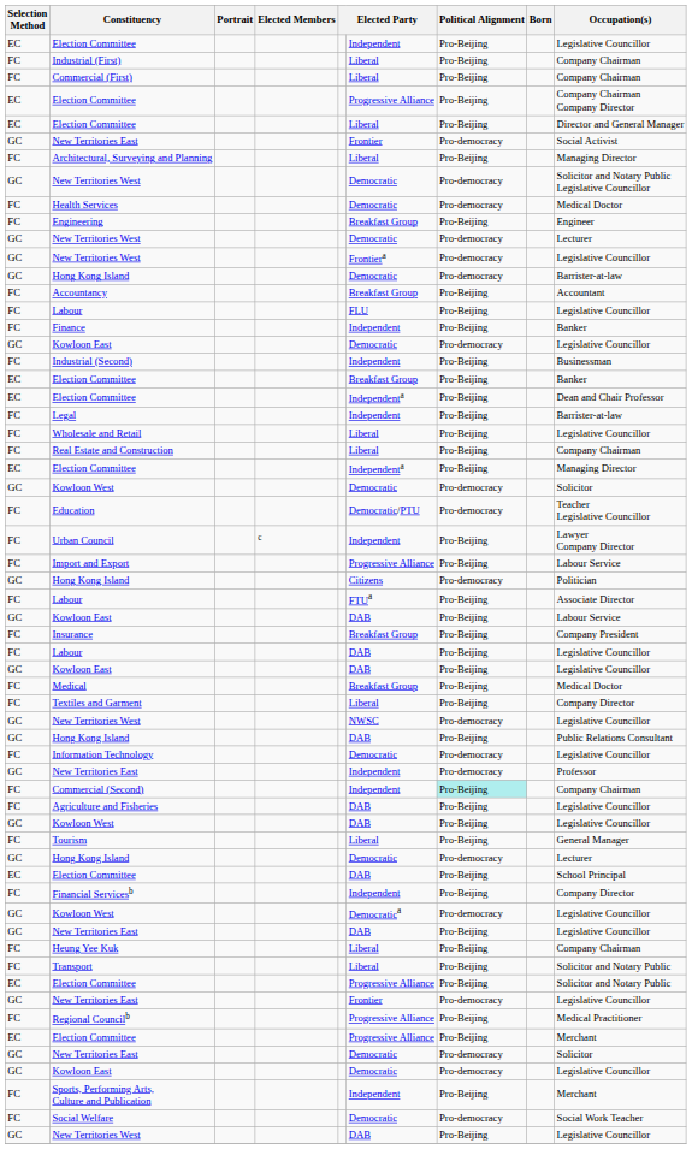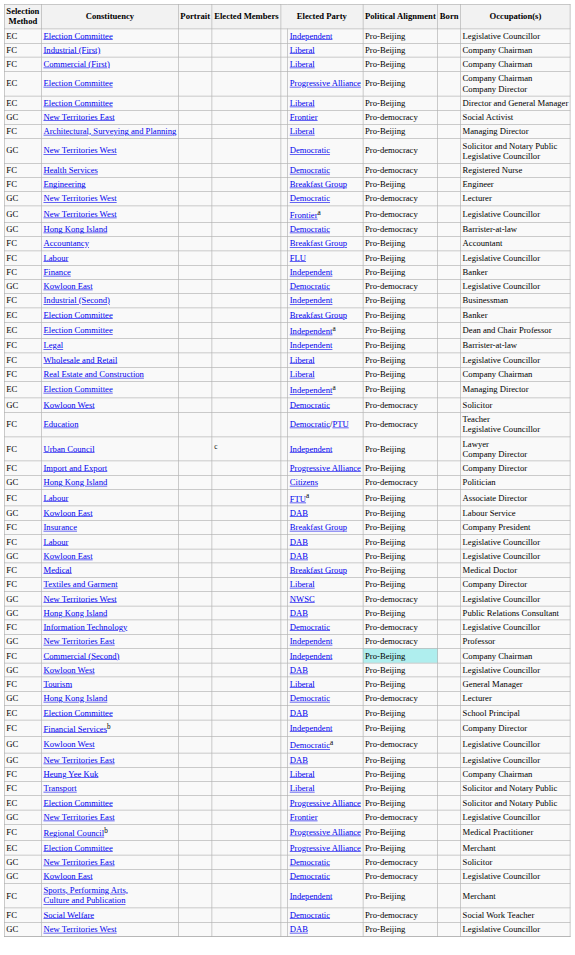 <table class="wikitable sortable" style="font-size:90%;">
 <tr>
 <th>Selection<br>Method</th>
 <th>Constituency</th>
 <th>Portrait</th>
 <th>Elected Members</th>
 <th colspan=2>Elected Party</th>
 <th>Political Alignment</th>
 <th>Born</th>
 <th>Occupation(s)</th>
 </tr>
 <tr>
 <td>EC</td>
 <td><a href='#'>Election Committee</a></td>
 <td></td>
 <td></td>
 <td style="color:inherit;background:"></td>
 <td><a href='#'>Independent</a></td>
 <td>Pro-Beijing</td>
 <td></td>
 <td>Legislative Councillor</td>
 </tr>
 <tr>
 <td>FC</td>
 <td><a href='#'>Industrial (First)</a></td>
 <td></td>
 <td></td>
 <td style="color:inherit;background:"></td>
 <td><a href='#'>Liberal</a></td>
 <td>Pro-Beijing</td>
 <td></td>
 <td>Company Chairman</td>
 </tr>
 <tr>
 <td>FC</td>
 <td><a href='#'>Commercial (First)</a></td>
 <td></td>
 <td></td>
 <td style="color:inherit;background:"></td>
 <td><a href='#'>Liberal</a></td>
 <td>Pro-Beijing</td>
 <td></td>
 <td>Company Chairman</td>
 </tr>
 <tr>
 <td>EC</td>
 <td><a href='#'>Election Committee</a></td>
 <td></td>
 <td></td>
 <td style="color:inherit;background:"></td>
 <td><a href='#'>Progressive Alliance</a></td>
 <td>Pro-Beijing</td>
 <td></td>
 <td>Company Chairman<br>Company Director</td>
 </tr>
 <tr>
 <td>EC</td>
 <td><a href='#'>Election Committee</a></td>
 <td></td>
 <td></td>
 <td style="color:inherit;background:"></td>
 <td><a href='#'>Liberal</a></td>
 <td>Pro-Beijing</td>
 <td></td>
 <td>Director and General Manager</td>
 </tr>
 <tr>
 <td>GC</td>
 <td><a href='#'>New Territories East</a></td>
 <td></td>
 <td></td>
 <td style="color:inherit;background:"></td>
 <td><a href='#'>Frontier</a></td>
 <td>Pro-democracy</td>
 <td></td>
 <td>Social Activist</td>
 </tr>
 <tr>
 <td>FC</td>
 <td><a href='#'>Architectural, Surveying and Planning</a></td>
 <td></td>
 <td></td>
 <td style="color:inherit;background:"></td>
 <td><a href='#'>Liberal</a></td>
 <td>Pro-Beijing</td>
 <td></td>
 <td>Managing Director</td>
 </tr>
 <tr>
 <td>GC</td>
 <td><a href='#'>New Territories West</a></td>
 <td></td>
 <td></td>
 <td style="color:inherit;background:"></td>
 <td><a href='#'>Democratic</a></td>
 <td>Pro-democracy</td>
 <td></td>
 <td>Solicitor and Notary Public<br>Legislative Councillor</td>
 </tr>
 <tr>
 <td>FC</td>
 <td><a href='#'>Health Services</a></td>
 <td></td>
 <td></td>
 <td style="color:inherit;background:"></td>
 <td><a href='#'>Democratic</a></td>
 <td>Pro-democracy</td>
 <td></td>
-<td>Medical Doctor</td>
+<td>Registered Nurse</td>
 </tr>
 <tr>
 <td>FC</td>
 <td><a href='#'>Engineering</a></td>
 <td></td>
 <td></td>
 <td style="color:inherit;background:"></td>
 <td><a href='#'>Breakfast Group</a></td>
 <td>Pro-Beijing</td>
 <td></td>
 <td>Engineer</td>
 </tr>
 <tr>
 <td>GC</td>
 <td><a href='#'>New Territories West</a></td>
 <td></td>
 <td></td>
 <td style="color:inherit;background:"></td>
 <td><a href='#'>Democratic</a></td>
 <td>Pro-democracy</td>
 <td></td>
 <td>Lecturer</td>
 </tr>
 <tr>
 <td>GC</td>
 <td><a href='#'>New Territories West</a></td>
 <td></td>
 <td></td>
 <td style="color:inherit;background:"></td>
 <td><a href='#'>Frontier</a><sup>a</sup></td>
 <td>Pro-democracy</td>
 <td></td>
 <td>Legislative Councillor</td>
 </tr>
 <tr>
 <td>GC</td>
 <td><a href='#'>Hong Kong Island</a></td>
 <td></td>
 <td></td>
 <td style="color:inherit;background:"></td>
 <td><a href='#'>Democratic</a></td>
 <td>Pro-democracy</td>
 <td></td>
 <td>Barrister-at-law</td>
 </tr>
 <tr>
 <td>FC</td>
 <td><a href='#'>Accountancy</a></td>
 <td></td>
 <td></td>
 <td style="color:inherit;background:"></td>
 <td><a href='#'>Breakfast Group</a></td>
 <td>Pro-Beijing</td>
 <td></td>
 <td>Accountant</td>
 </tr>
 <tr>
 <td>FC</td>
 <td><a href='#'>Labour</a></td>
 <td></td>
 <td></td>
 <td style="color:inherit;background:"></td>
 <td><a href='#'>FLU</a></td>
 <td>Pro-Beijing</td>
 <td></td>
 <td>Legislative Councillor</td>
 </tr>
 <tr>
 <td>FC</td>
 <td><a href='#'>Finance</a></td>
 <td></td>
 <td></td>
 <td style="color:inherit;background:"></td>
 <td><a href='#'>Independent</a></td>
 <td>Pro-Beijing</td>
 <td></td>
 <td>Banker</td>
 </tr>
 <tr>
 <td>GC</td>
 <td><a href='#'>Kowloon East</a></td>
 <td></td>
 <td></td>
 <td style="color:inherit;background:"></td>
 <td><a href='#'>Democratic</a></td>
 <td>Pro-democracy</td>
 <td></td>
 <td>Legislative Councillor</td>
 </tr>
 <tr>
 <td>FC</td>
 <td><a href='#'>Industrial (Second)</a></td>
 <td></td>
 <td></td>
 <td style="color:inherit;background:"></td>
 <td><a href='#'>Independent</a></td>
 <td>Pro-Beijing</td>
 <td></td>
 <td>Businessman</td>
 </tr>
 <tr>
 <td>EC</td>
 <td><a href='#'>Election Committee</a></td>
 <td></td>
 <td></td>
 <td style="color:inherit;background:"></td>
 <td><a href='#'>Breakfast Group</a></td>
 <td>Pro-Beijing</td>
 <td></td>
 <td>Banker</td>
 </tr>
 <tr>
 <td>EC</td>
 <td><a href='#'>Election Committee</a></td>
 <td></td>
 <td></td>
 <td style="color:inherit;background:"></td>
 <td><a href='#'>Independent</a><sup>a</sup></td>
 <td>Pro-Beijing</td>
 <td></td>
 <td>Dean and Chair Professor</td>
 </tr>
 <tr>
 <td>FC</td>
 <td><a href='#'>Legal</a></td>
 <td></td>
 <td></td>
 <td style="color:inherit;background:"></td>
 <td><a href='#'>Independent</a></td>
 <td>Pro-Beijing</td>
 <td></td>
 <td>Barrister-at-law</td>
 </tr>
 <tr>
 <td>FC</td>
 <td><a href='#'>Wholesale and Retail</a></td>
 <td></td>
 <td></td>
 <td style="color:inherit;background:"></td>
 <td><a href='#'>Liberal</a></td>
 <td>Pro-Beijing</td>
 <td></td>
 <td>Legislative Councillor</td>
 </tr>
 <tr>
 <td>FC</td>
 <td><a href='#'>Real Estate and Construction</a></td>
 <td></td>
 <td></td>
 <td style="color:inherit;background:"></td>
 <td><a href='#'>Liberal</a></td>
 <td>Pro-Beijing</td>
 <td></td>
 <td>Company Chairman</td>
 </tr>
 <tr>
 <td>EC</td>
 <td><a href='#'>Election Committee</a></td>
 <td></td>
 <td></td>
 <td style="color:inherit;background:"></td>
 <td><a href='#'>Independent</a><sup>a</sup></td>
 <td>Pro-Beijing</td>
 <td></td>
 <td>Managing Director</td>
 </tr>
 <tr>
 <td>GC</td>
 <td><a href='#'>Kowloon West</a></td>
 <td></td>
 <td></td>
 <td style="color:inherit;background:"></td>
 <td><a href='#'>Democratic</a></td>
 <td>Pro-democracy</td>
 <td></td>
 <td>Solicitor</td>
 </tr>
 <tr>
 <td>FC</td>
 <td><a href='#'>Education</a></td>
 <td></td>
 <td></td>
 <td style="color:inherit;background:"></td>
 <td><a href='#'>Democratic</a>/<a href='#'>PTU</a></td>
 <td>Pro-democracy</td>
 <td></td>
 <td>Teacher<br>Legislative Councillor</td>
 </tr>
 <tr>
 <td>FC</td>
 <td><a href='#'>Urban Council</a></td>
 <td></td>
 <td><em></em><sup>c</sup></td>
 <td style="color:inherit;background:"></td>
 <td><a href='#'>Independent</a></td>
 <td>Pro-Beijing</td>
 <td></td>
 <td>Lawyer<br>Company Director</td>
 </tr>
 <tr>
 <td>FC</td>
 <td><a href='#'>Import and Export</a></td>
 <td></td>
 <td></td>
 <td style="color:inherit;background:"></td>
 <td><a href='#'>Progressive Alliance</a></td>
 <td>Pro-Beijing</td>
 <td></td>
-<td>Labour Service</td>
+<td>Company Director</td>
 </tr>
 <tr>
 <td>GC</td>
 <td><a href='#'>Hong Kong Island</a></td>
 <td></td>
 <td></td>
 <td style="color:inherit;background:"></td>
 <td><a href='#'>Citizens</a></td>
 <td>Pro-democracy</td>
 <td></td>
 <td>Politician</td>
 </tr>
 <tr>
 <td>FC</td>
 <td><a href='#'>Labour</a></td>
 <td></td>
 <td></td>
 <td style="color:inherit;background:"></td>
 <td><a href='#'>FTU</a><sup>a</sup></td>
 <td>Pro-Beijing</td>
 <td></td>
 <td>Associate Director</td>
 </tr>
 <tr>
 <td>GC</td>
 <td><a href='#'>Kowloon East</a></td>
 <td></td>
 <td></td>
 <td style="color:inherit;background:"></td>
 <td><a href='#'>DAB</a></td>
 <td>Pro-Beijing</td>
 <td></td>
 <td>Labour Service</td>
 </tr>
 <tr>
 <td>FC</td>
 <td><a href='#'>Insurance</a></td>
 <td></td>
 <td></td>
 <td style="color:inherit;background:"></td>
 <td><a href='#'>Breakfast Group</a></td>
 <td>Pro-Beijing</td>
 <td></td>
 <td>Company President</td>
 </tr>
 <tr>
 <td>FC</td>
 <td><a href='#'>Labour</a></td>
 <td></td>
 <td></td>
 <td style="color:inherit;background:"></td>
 <td><a href='#'>DAB</a></td>
 <td>Pro-Beijing</td>
 <td></td>
 <td>Legislative Councillor</td>
 </tr>
 <tr>
 <td>GC</td>
 <td><a href='#'>Kowloon East</a></td>
 <td></td>
 <td></td>
 <td style="color:inherit;background:"></td>
 <td><a href='#'>DAB</a></td>
 <td>Pro-Beijing</td>
 <td></td>
 <td>Legislative Councillor</td>
 </tr>
 <tr>
 <td>FC</td>
 <td><a href='#'>Medical</a></td>
 <td></td>
 <td></td>
 <td style="color:inherit;background:"></td>
 <td><a href='#'>Breakfast Group</a></td>
 <td>Pro-Beijing</td>
 <td></td>
 <td>Medical Doctor</td>
 </tr>
 <tr>
 <td>FC</td>
 <td><a href='#'>Textiles and Garment</a></td>
 <td></td>
 <td></td>
 <td style="color:inherit;background:"></td>
 <td><a href='#'>Liberal</a></td>
 <td>Pro-Beijing</td>
 <td></td>
 <td>Company Director</td>
 </tr>
 <tr>
 <td>GC</td>
 <td><a href='#'>New Territories West</a></td>
 <td></td>
 <td></td>
 <td style="color:inherit;background:"></td>
 <td><a href='#'>NWSC</a></td>
 <td>Pro-democracy</td>
 <td></td>
 <td>Legislative Councillor</td>
 </tr>
 <tr>
 <td>GC</td>
 <td><a href='#'>Hong Kong Island</a></td>
 <td></td>
 <td></td>
 <td style="color:inherit;background:"></td>
 <td><a href='#'>DAB</a></td>
 <td>Pro-Beijing</td>
 <td></td>
 <td>Public Relations Consultant</td>
 </tr>
 <tr>
 <td>FC</td>
 <td><a href='#'>Information Technology</a></td>
 <td></td>
 <td></td>
 <td style="color:inherit;background:"></td>
 <td><a href='#'>Democratic</a></td>
 <td>Pro-democracy</td>
 <td></td>
 <td>Legislative Councillor</td>
 </tr>
 <tr>
 <td>GC</td>
 <td><a href='#'>New Territories East</a></td>
 <td></td>
 <td></td>
 <td style="color:inherit;background:"></td>
 <td><a href='#'>Independent</a></td>
 <td>Pro-democracy</td>
 <td></td>
 <td>Professor</td>
 </tr>
 <tr>
 <td>FC</td>
 <td><a href='#'>Commercial (Second)</a></td>
 <td></td>
 <td></td>
 <td style="color:inherit;background:"></td>
 <td><a href='#'>Independent</a></td>
 <td style="background: paleturquoise;">Pro-Beijing</td>
 <td></td>
 <td>Company Chairman</td>
-</tr>
-<tr>
-<td>FC</td>
-<td><a href='#'>Agriculture and Fisheries</a></td>
-<td></td>
-<td></td>
-<td style="color:inherit;background:"></td>
-<td><a href='#'>DAB</a></td>
-<td>Pro-Beijing</td>
-<td></td>
-<td>Legislative Councillor</td>
 </tr>
 <tr>
 <td>GC</td>
 <td><a href='#'>Kowloon West</a></td>
 <td></td>
 <td></td>
 <td width=5px></td>
 <td><a href='#'>DAB</a></td>
 <td>Pro-Beijing</td>
 <td></td>
 <td>Legislative Councillor</td>
 </tr>
 <tr>
 <td>FC</td>
 <td><a href='#'>Tourism</a></td>
 <td></td>
 <td></td>
 <td style="color:inherit;background:"></td>
 <td><a href='#'>Liberal</a></td>
 <td>Pro-Beijing</td>
 <td></td>
 <td>General Manager</td>
 </tr>
 <tr>
 <td>GC</td>
 <td><a href='#'>Hong Kong Island</a></td>
 <td></td>
 <td></td>
 <td style="color:inherit;background:"></td>
 <td><a href='#'>Democratic</a></td>
 <td>Pro-democracy</td>
 <td></td>
 <td>Lecturer</td>
 </tr>
 <tr>
 <td>EC</td>
 <td><a href='#'>Election Committee</a></td>
 <td></td>
 <td></td>
 <td style="color:inherit;background:"></td>
 <td><a href='#'>DAB</a></td>
 <td>Pro-Beijing</td>
 <td></td>
 <td>School Principal</td>
 </tr>
 <tr>
 <td>FC</td>
 <td><a href='#'>Financial Services</a><sup>b</sup></td>
 <td></td>
 <td><em></em></td>
 <td style="color:inherit;background:"></td>
 <td><a href='#'>Independent</a></td>
 <td>Pro-Beijing</td>
 <td></td>
 <td>Company Director</td>
 </tr>
 <tr>
 <td>GC</td>
 <td><a href='#'>Kowloon West</a></td>
 <td></td>
 <td></td>
 <td style="color:inherit;background:"></td>
 <td><a href='#'>Democratic</a><sup>a</sup></td>
 <td>Pro-democracy</td>
 <td></td>
 <td>Legislative Councillor</td>
 </tr>
 <tr>
 <td>GC</td>
 <td><a href='#'>New Territories East</a></td>
 <td></td>
 <td></td>
 <td style="color:inherit;background:"></td>
 <td><a href='#'>DAB</a></td>
 <td>Pro-Beijing</td>
 <td></td>
 <td>Legislative Councillor</td>
 </tr>
 <tr>
 <td>FC</td>
 <td><a href='#'>Heung Yee Kuk</a></td>
 <td></td>
 <td></td>
 <td style="color:inherit;background:"></td>
 <td><a href='#'>Liberal</a></td>
 <td>Pro-Beijing</td>
 <td></td>
 <td>Company Chairman</td>
 </tr>
 <tr>
 <td>FC</td>
 <td><a href='#'>Transport</a></td>
 <td></td>
 <td></td>
 <td style="color:inherit;background:"></td>
 <td><a href='#'>Liberal</a></td>
 <td>Pro-Beijing</td>
 <td></td>
 <td>Solicitor and Notary Public</td>
 </tr>
 <tr>
 <td>EC</td>
 <td><a href='#'>Election Committee</a></td>
 <td></td>
 <td></td>
 <td style="color:inherit;background:"></td>
 <td><a href='#'>Progressive Alliance</a></td>
 <td>Pro-Beijing</td>
 <td></td>
 <td>Solicitor and Notary Public</td>
 </tr>
 <tr>
 <td>GC</td>
 <td><a href='#'>New Territories East</a></td>
 <td></td>
 <td></td>
 <td style="color:inherit;background:"></td>
 <td><a href='#'>Frontier</a></td>
 <td>Pro-democracy</td>
 <td></td>
 <td>Legislative Councillor</td>
 </tr>
 <tr>
 <td>FC</td>
 <td><a href='#'>Regional Council</a><sup>b</sup></td>
 <td></td>
 <td><em></em></td>
 <td style="color:inherit;background:"></td>
 <td><a href='#'>Progressive Alliance</a></td>
 <td>Pro-Beijing</td>
 <td></td>
 <td>Medical Practitioner</td>
 </tr>
 <tr>
 <td>EC</td>
 <td><a href='#'>Election Committee</a></td>
 <td></td>
 <td></td>
 <td style="color:inherit;background:"></td>
 <td><a href='#'>Progressive Alliance</a></td>
 <td>Pro-Beijing</td>
 <td></td>
 <td>Merchant</td>
 </tr>
 <tr>
 <td>GC</td>
 <td><a href='#'>New Territories East</a></td>
 <td></td>
 <td></td>
 <td style="color:inherit;background:"></td>
 <td><a href='#'>Democratic</a></td>
 <td>Pro-democracy</td>
 <td></td>
 <td>Solicitor</td>
 </tr>
 <tr>
 <td>GC</td>
 <td><a href='#'>Kowloon East</a></td>
 <td></td>
 <td></td>
 <td style="color:inherit;background:"></td>
 <td><a href='#'>Democratic</a></td>
 <td>Pro-democracy</td>
 <td></td>
 <td>Legislative Councillor</td>
 </tr>
 <tr>
 <td>FC</td>
 <td><a href='#'>Sports, Performing Arts,<br>Culture and Publication</a></td>
 <td></td>
 <td></td>
 <td style="color:inherit;background:"></td>
 <td><a href='#'>Independent</a></td>
 <td>Pro-Beijing</td>
 <td></td>
 <td>Merchant</td>
 </tr>
 <tr>
 <td>FC</td>
 <td><a href='#'>Social Welfare</a></td>
 <td></td>
 <td></td>
 <td style="color:inherit;background:"></td>
 <td><a href='#'>Democratic</a></td>
 <td>Pro-democracy</td>
 <td></td>
 <td>Social Work Teacher</td>
 </tr>
 <tr>
 <td>GC</td>
 <td><a href='#'>New Territories West</a></td>
 <td></td>
 <td></td>
 <td style="color:inherit;background:"></td>
 <td><a href='#'>DAB</a></td>
 <td>Pro-Beijing</td>
 <td></td>
 <td>Legislative Councillor</td>
 </tr>
 <tr>
 </tr>
 </table>
